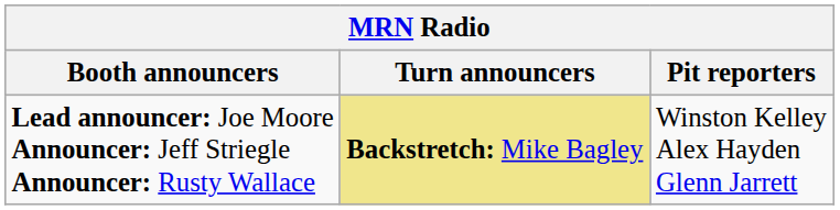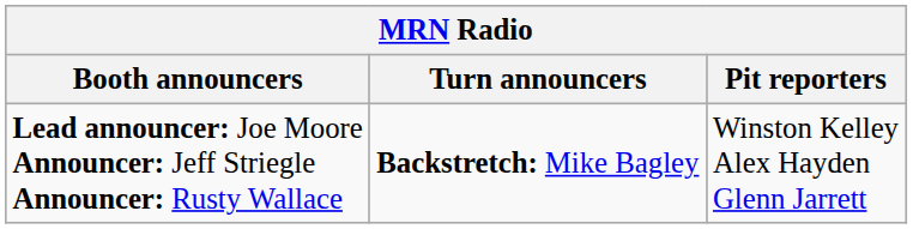 <table class="wikitable" style="font-size: 95%">
 <tr>
 <th colspan="3"><a href='#'>MRN</a> Radio</th>
 </tr>
 <tr>
 <th>Booth announcers</th>
 <th>Turn announcers</th>
 <th>Pit reporters</th>
 </tr>
 <tr>
 <td><strong>Lead announcer:</strong> Joe Moore<br><strong>Announcer:</strong> Jeff Striegle<br><strong>Announcer:</strong> <a href='#'>Rusty Wallace</a></td>
-<td style="background: khaki;"><strong>Backstretch:</strong> <a href='#'>Mike Bagley</a></td>
+<td><strong>Backstretch:</strong> <a href='#'>Mike Bagley</a></td>
 <td>Winston Kelley<br>Alex Hayden<br><a href='#'>Glenn Jarrett</a></td>
 </tr>
 </table>
